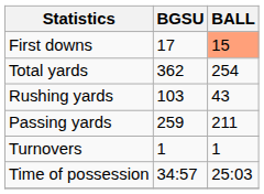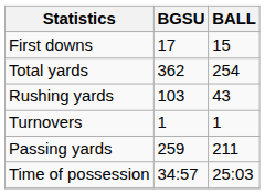 <table class="wikitable" style="float: left;">
 <tr>
 <th>Statistics</th>
 <th>BGSU</th>
 <th>BALL</th>
 </tr>
 <tr>
 <td>First downs</td>
 <td>17</td>
-<td style="background: lightsalmon;">15</td>
+<td>15</td>
 </tr>
 <tr>
 <td>Total yards</td>
 <td>362</td>
 <td>254</td>
 </tr>
 <tr>
 <td>Rushing yards</td>
 <td>103</td>
 <td>43</td>
 </tr>
 <tr>
+<td>Turnovers</td>
+<td>1</td>
+<td>1</td>
+</tr>
+<tr>
 <td>Passing yards</td>
 <td>259</td>
 <td>211</td>
-</tr>
-<tr>
-<td>Turnovers</td>
-<td>1</td>
-<td>1</td>
 </tr>
 <tr>
 <td>Time of possession</td>
 <td>34:57</td>
 <td>25:03</td>
 </tr>
 <tr>
 </tr>
 </table>
